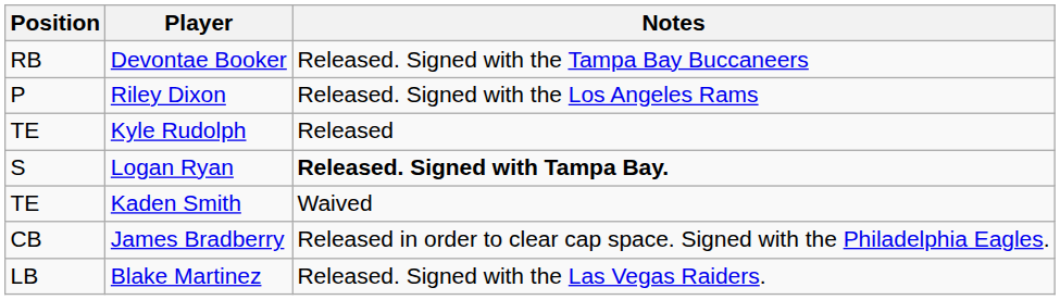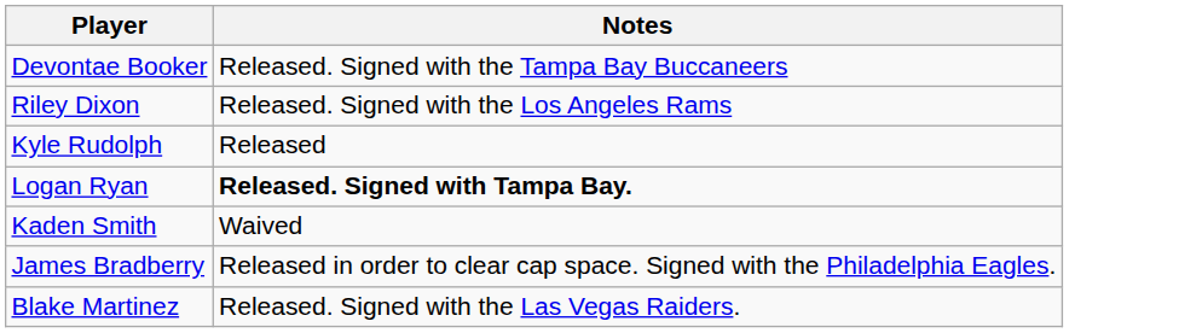 <table class="wikitable">
 <tr>
-<th>Position</th>
 <th>Player</th>
 <th>Notes</th>
 </tr>
 <tr>
-<td>RB</td>
 <td><a href='#'>Devontae Booker</a></td>
 <td>Released. Signed with the <a href='#'>Tampa Bay Buccaneers</a></td>
 </tr>
 <tr>
-<td>P</td>
 <td><a href='#'>Riley Dixon</a></td>
 <td>Released. Signed with the <a href='#'>Los Angeles Rams</a></td>
 </tr>
 <tr>
-<td>TE</td>
 <td><a href='#'>Kyle Rudolph</a></td>
 <td>Released</td>
 </tr>
 <tr>
-<td>S</td>
 <td><a href='#'>Logan Ryan</a></td>
 <td><strong>Released. Signed with Tampa Bay.</strong></td>
 </tr>
 <tr>
-<td>TE</td>
 <td><a href='#'>Kaden Smith</a></td>
 <td>Waived</td>
 </tr>
 <tr>
-<td>CB</td>
 <td><a href='#'>James Bradberry</a></td>
 <td>Released in order to clear cap space. Signed with the <a href='#'>Philadelphia Eagles</a>.</td>
 </tr>
 <tr>
-<td>LB</td>
 <td><a href='#'>Blake Martinez</a></td>
 <td>Released. Signed with the <a href='#'>Las Vegas Raiders</a>.</td>
 </tr>
 </table>
